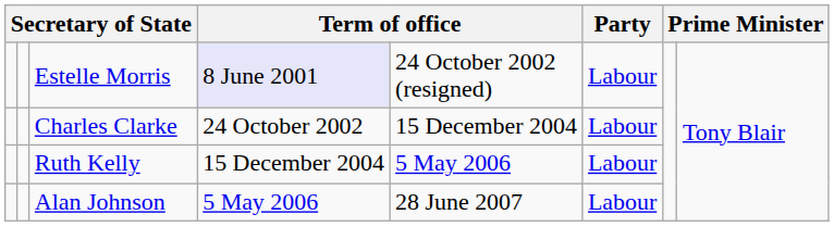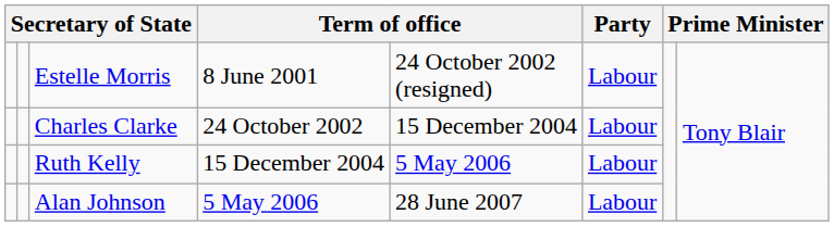 <table class="wikitable">
 <tr>
 <th colspan=3>Secretary of State</th>
 <th colspan=2>Term of office</th>
 <th>Party</th>
 <th colspan=2>Prime Minister</th>
 </tr>
 <tr style="height:1em">
 <td style="background-color:"></td>
 <td></td>
 <td><a href='#'>Estelle Morris</a></td>
-<td style="background: lavender;">8 June 2001</td>
+<td>8 June 2001</td>
 <td>24 October 2002<br>(resigned)</td>
 <td><a href='#'>Labour</a></td>
 <td rowspan=4 style="background-color:"></td>
 <td rowspan=4><a href='#'>Tony Blair</a></td>
 </tr>
 <tr style="height:1em">
 <td style="background-color:"></td>
 <td></td>
 <td><a href='#'>Charles Clarke</a></td>
 <td>24 October 2002</td>
 <td>15 December 2004</td>
 <td><a href='#'>Labour</a></td>
 </tr>
 <tr style="height:1em">
 <td style="background-color:"></td>
 <td></td>
 <td><a href='#'>Ruth Kelly</a></td>
 <td>15 December 2004</td>
 <td><a href='#'>5 May 2006</a></td>
 <td><a href='#'>Labour</a></td>
 </tr>
 <tr style="height:1em">
 <td style="background-color:"></td>
 <td></td>
 <td><a href='#'>Alan Johnson</a></td>
 <td><a href='#'>5 May 2006</a></td>
 <td>28 June 2007</td>
 <td><a href='#'>Labour</a></td>
 </tr>
 </table>
